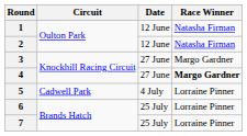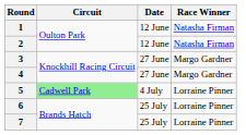 <table class="wikitable" style="font-size:85%;">
 <tr>
 <th>Round</th>
 <th>Circuit</th>
 <th>Date</th>
 <th>Race Winner</th>
 </tr>
 <tr>
 <th>1</th>
 <td rowspan="2" nowrap> <a href='#'>Oulton Park</a></td>
 <td>12 June</td>
 <td> <a href='#'>Natasha Firman</a></td>
 </tr>
 <tr>
 <th>2</th>
 <td>12 June</td>
 <td> <a href='#'>Natasha Firman</a></td>
 </tr>
 <tr>
 <th>3</th>
 <td rowspan="2" nowrap> <a href='#'>Knockhill Racing Circuit</a></td>
 <td>27 June</td>
 <td> Margo Gardner</td>
 </tr>
 <tr>
 <th>4</th>
 <td>27 June</td>
-<td><strong> Margo Gardner</strong></td>
+<td> Margo Gardner</td>
 </tr>
 <tr>
 <th>5</th>
-<td> <a href='#'>Cadwell Park</a></td>
+<td style="background: lightgreen;"> <a href='#'>Cadwell Park</a></td>
 <td>4 July</td>
 <td> Lorraine Pinner</td>
 </tr>
 <tr>
 <th>6</th>
 <td rowspan="2" nowrap> <a href='#'>Brands Hatch</a></td>
 <td>25 July</td>
 <td> Lorraine Pinner</td>
 </tr>
 <tr>
 <th>7</th>
 <td>25 July</td>
 <td> Lorraine Pinner</td>
 </tr>
 </table>
